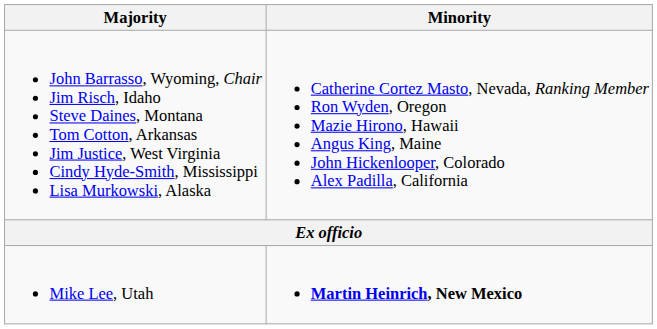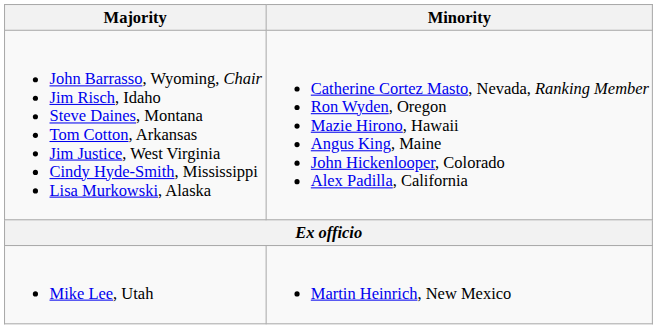 <table class=wikitable>
 <tr>
 <th>Majority</th>
 <th>Minority</th>
 </tr>
 <tr>
 <td><br><ul><li><a href='#'>John Barrasso</a>, Wyoming, <em>Chair</em></li><li><a href='#'>Jim Risch</a>, Idaho</li><li><a href='#'>Steve Daines</a>, Montana</li><li><a href='#'>Tom Cotton</a>, Arkansas</li><li><a href='#'>Jim Justice</a>, West Virginia</li><li><a href='#'>Cindy Hyde-Smith</a>, Mississippi</li><li><a href='#'>Lisa Murkowski</a>, Alaska</li></ul></td>
 <td><br><ul><li><a href='#'>Catherine Cortez Masto</a>, Nevada, <em>Ranking Member</em></li><li><a href='#'>Ron Wyden</a>, Oregon</li><li><a href='#'>Mazie Hirono</a>, Hawaii</li><li><span><a href='#'>Angus King</a>, Maine</span></li><li><a href='#'>John Hickenlooper</a>, Colorado</li><li><a href='#'>Alex Padilla</a>, California</li></ul></td>
 </tr>
 <tr>
 <th colspan=2><em>Ex officio </em></th>
 </tr>
 <tr>
 <td><br><ul><li><a href='#'>Mike Lee</a>, Utah</li></ul></td>
-<td><strong><br><ul><li><a href='#'>Martin Heinrich</a>, New Mexico</li></ul></strong></td>
+<td><br><ul><li><a href='#'>Martin Heinrich</a>, New Mexico</li></ul></td>
 </tr>
 </table>
